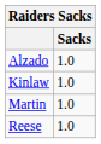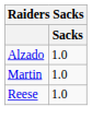 <table class="wikitable">
 <tr>
 <th colspan="2">Raiders Sacks</th>
 </tr>
 <tr>
 <th></th>
 <th>Sacks</th>
 </tr>
 <tr>
 <td><a href='#'>Alzado</a></td>
 <td>1.0</td>
 </tr>
 <tr>
-<td><a href='#'>Kinlaw</a></td>
-<td>1.0</td>
-</tr>
-<tr>
 <td><a href='#'>Martin</a></td>
 <td>1.0</td>
 </tr>
 <tr>
 <td><a href='#'>Reese</a></td>
 <td>1.0</td>
 </tr>
 </table>
